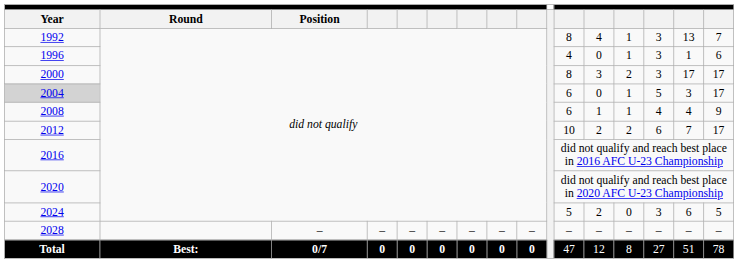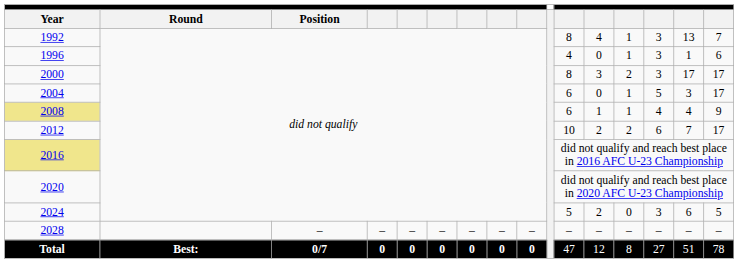 <table class="wikitable" style="text-align: center;font-size:100%; width: 1000px;">
 <tr>
 <th colspan=9 style="background: #000000; color: #FFFFFF;"><a href='#'></a></th>
 <th style="background: #ffffff;"></th>
 <th colspan=6 style="background: #000000; color: #FFFFFF;"><a href='#'></a></th>
 </tr>
 <tr>
 <th width=80>Year</th>
 <th width=150>Round</th>
 <th width=80>Position</th>
 <th width=20></th>
 <th width=20></th>
 <th width=20></th>
 <th width=20></th>
 <th width=20></th>
 <th width=20></th>
 <th style="width:1%;" rowspan="21"></th>
 <th width="20"></th>
 <th width="20"></th>
 <th width="20"></th>
 <th width="20"></th>
 <th width="20"></th>
 <th width="20"></th>
 </tr>
 <tr>
 <td> <a href='#'>1992</a></td>
 <td rowspan="9" colspan="8"><em>did not qualify</em></td>
 <td>8</td>
 <td>4</td>
 <td>1</td>
 <td>3</td>
 <td>13</td>
 <td>7 </td>
 </tr>
 <tr>
 <td> <a href='#'>1996</a></td>
 <td>4</td>
 <td>0</td>
 <td>1</td>
 <td>3</td>
 <td>1</td>
 <td>6 </td>
 </tr>
 <tr>
 <td> <a href='#'>2000</a></td>
 <td>8</td>
 <td>3</td>
 <td>2</td>
 <td>3</td>
 <td>17</td>
 <td>17 </td>
 </tr>
 <tr>
-<td style="background: lightgrey;"> <a href='#'>2004</a></td>
+<td> <a href='#'>2004</a></td>
 <td>6</td>
 <td>0</td>
 <td>1</td>
 <td>5</td>
 <td>3</td>
 <td>17 </td>
 </tr>
 <tr>
-<td> <a href='#'>2008</a></td>
+<td style="background: khaki;"> <a href='#'>2008</a></td>
 <td>6</td>
 <td>1</td>
 <td>1</td>
 <td>4</td>
 <td>4</td>
 <td>9 </td>
 </tr>
 <tr>
 <td> <a href='#'>2012</a></td>
 <td>10</td>
 <td>2</td>
 <td>2</td>
 <td>6</td>
 <td>7</td>
 <td>17 </td>
 </tr>
 <tr>
-<td> <a href='#'>2016</a></td>
+<td style="background: khaki;"> <a href='#'>2016</a></td>
 <td colspan=6>did not qualify and reach best place in <a href='#'>2016 AFC U-23 Championship</a> </td>
 </tr>
 <tr>
 <td> <a href='#'>2020</a></td>
 <td colspan=6>did not qualify and reach best place in <a href='#'>2020 AFC U-23 Championship</a> </td>
 </tr>
 <tr>
 <td> <a href='#'>2024</a></td>
 <td>5</td>
 <td>2</td>
 <td>0</td>
 <td>3</td>
 <td>6</td>
 <td>5 </td>
 </tr>
 <tr>
 <td> <a href='#'>2028</a></td>
 <td></td>
 <td>–</td>
 <td>–</td>
 <td>–</td>
 <td>–</td>
 <td>–</td>
 <td>–</td>
 <td>–</td>
 <td>–</td>
 <td>–</td>
 <td>–</td>
 <td>–</td>
 <td>–</td>
 <td>– </td>
 </tr>
 <tr>
 <td style="background: #000000; color: #FFFFFF;"><strong>Total</strong></td>
 <td style="background: #000000; color: #FFFFFF;"><strong>Best: </strong></td>
 <td style="background: #000000; color: #FFFFFF;"><strong>0/7</strong></td>
 <td style="background: #000000; color: #FFFFFF;"><strong>0</strong></td>
 <td style="background: #000000; color: #FFFFFF;"><strong>0</strong></td>
 <td style="background: #000000; color: #FFFFFF;"><strong>0</strong></td>
 <td style="background: #000000; color: #FFFFFF;"><strong>0</strong></td>
 <td style="background: #000000; color: #FFFFFF;"><strong>0</strong></td>
 <td style="background: #000000; color: #FFFFFF;"><strong>0</strong></td>
 <td style="background: #000000; color: #FFFFFF;">47</td>
 <td style="background: #000000; color: #FFFFFF;">12</td>
 <td style="background: #000000; color: #FFFFFF;">8</td>
 <td style="background: #000000; color: #FFFFFF;">27</td>
 <td style="background: #000000; color: #FFFFFF;">51</td>
 <td style="background: #000000; color: #FFFFFF;">78</td>
 </tr>
 </table>
